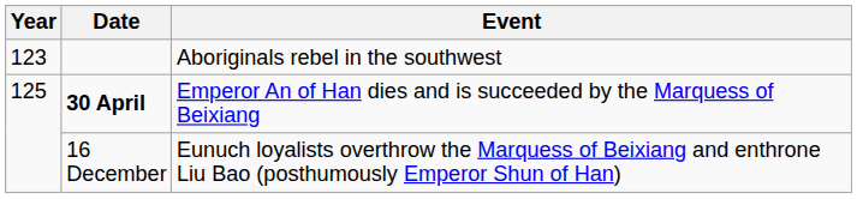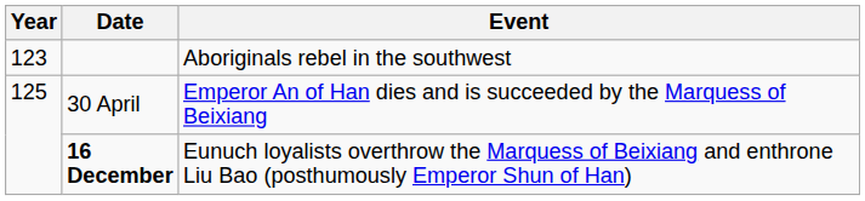 <table class="wikitable" style="width:100%;">
 <tr>
 <th style="width:6%">Year</th>
 <th style="width:10%">Date</th>
 <th>Event</th>
 </tr>
 <tr>
 <td>123</td>
 <td></td>
 <td>Aboriginals rebel in the southwest</td>
 </tr>
 <tr>
 <td rowspan="2" style="vertical-align:top;">125</td>
-<td><strong>30 April</strong></td>
+<td>30 April</td>
 <td><a href='#'>Emperor An of Han</a> dies and is succeeded by the <a href='#'>Marquess of Beixiang</a></td>
 </tr>
 <tr>
-<td>16 December</td>
+<td><strong>16 December</strong></td>
 <td>Eunuch loyalists overthrow the <a href='#'>Marquess of Beixiang</a> and enthrone Liu Bao (posthumously <a href='#'>Emperor Shun of Han</a>)</td>
 </tr>
 </table>
